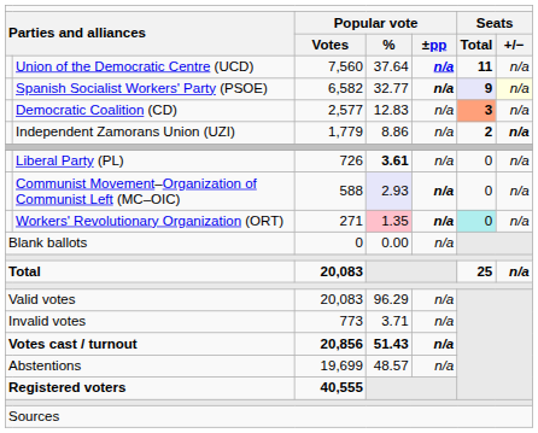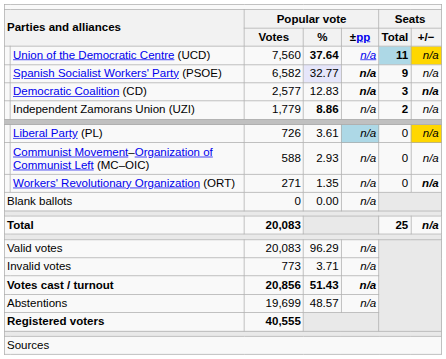 <table class="wikitable" style="text-align:right;">
 <tr>
 <td colspan="7"></td>
 </tr>
 <tr>
 <th style="text-align:left;" rowspan="2" colspan="2" width="525">Parties and alliances</th>
 <th colspan="3">Popular vote</th>
 <th colspan="2">Seats</th>
 </tr>
 <tr>
 <th width="75">Votes</th>
 <th width="45">%</th>
 <th width="45">±<a href='#'>pp</a></th>
 <th width="35">Total</th>
 <th width="35">+/−</th>
 </tr>
 <tr>
 <td width="1" style="color:inherit;background:"></td>
 <td align="left"><a href='#'>Union of the Democratic Centre</a> (UCD)</td>
 <td>7,560</td>
-<td>37.64</td>
-<td><strong><em><a href='#'>n/a</a></em></strong></td>
-<td><strong>11</strong></td>
-<td><em>n/a</em></td>
+<td><strong>37.64</strong></td>
+<td><em><a href='#'>n/a</a></em></td>
+<td style="background: lightblue;"><strong>11</strong></td>
+<td style="background: gold;"><em>n/a</em></td>
 </tr>
 <tr>
 <td style="color:inherit;background:"></td>
 <td align="left"><a href='#'>Spanish Socialist Workers' Party</a> (PSOE)</td>
 <td>6,582</td>
-<td>32.77</td>
+<td style="background: lavender;">32.77</td>
 <td><strong><em>n/a</em></strong></td>
-<td style="background: lavender;"><strong>9</strong></td>
-<td style="background: lightyellow;"><em>n/a</em></td>
+<td><strong>9</strong></td>
+<td><em>n/a</em></td>
 </tr>
 <tr>
 <td style="color:inherit;background:"></td>
 <td align="left"><a href='#'>Democratic Coalition</a> (CD)</td>
 <td>2,577</td>
 <td>12.83</td>
-<td><em>n/a</em></td>
-<td style="background: lightsalmon;"><strong>3</strong></td>
-<td><em>n/a</em></td>
+<td><strong><em>n/a</em></strong></td>
+<td><strong>3</strong></td>
+<td><strong><em>n/a</em></strong></td>
 </tr>
 <tr>
 <td style="color:inherit;background:"></td>
 <td align="left">Independent Zamorans Union (UZI)</td>
 <td>1,779</td>
-<td>8.86</td>
+<td><strong>8.86</strong></td>
 <td><em>n/a</em></td>
 <td><strong>2</strong></td>
-<td><strong><em>n/a</em></strong></td>
+<td><em>n/a</em></td>
 </tr>
 <tr>
 <td colspan="7" bgcolor="#C0C0C0"></td>
 </tr>
 <tr>
 <td style="color:inherit;background:"></td>
 <td align="left"><a href='#'>Liberal Party</a> (PL)</td>
 <td>726</td>
-<td><strong>3.61</strong></td>
-<td><em>n/a</em></td>
+<td>3.61</td>
+<td style="background: lightblue;"><em>n/a</em></td>
 <td>0</td>
-<td><em>n/a</em></td>
+<td style="background: gold;"><em>n/a</em></td>
 </tr>
 <tr>
 <td style="color:inherit;background:"></td>
 <td align="left"><a href='#'>Communist Movement</a>–<a href='#'>Organization of Communist Left</a> (MC–OIC)</td>
 <td>588</td>
-<td style="background: lavender;">2.93</td>
-<td><strong><em>n/a</em></strong></td>
+<td>2.93</td>
+<td><em>n/a</em></td>
 <td>0</td>
 <td><em>n/a</em></td>
 </tr>
 <tr>
 <td style="color:inherit;background:"></td>
 <td align="left"><a href='#'>Workers' Revolutionary Organization</a> (ORT)</td>
 <td>271</td>
-<td style="background: pink;">1.35</td>
+<td>1.35</td>
+<td><em>n/a</em></td>
+<td>0</td>
 <td><strong><em>n/a</em></strong></td>
-<td style="background: paleturquoise;">0</td>
-<td><em>n/a</em></td>
 </tr>
 <tr>
 <td align="left" colspan="2">Blank ballots</td>
 <td>0</td>
 <td>0.00</td>
 <td><em>n/a</em></td>
 <td bgcolor="#E9E9E9" colspan="2"></td>
 </tr>
 <tr>
 <td colspan="7" bgcolor="#E9E9E9"></td>
 </tr>
 <tr style="font-weight:bold;">
 <td align="left" colspan="2">Total</td>
 <td>20,083</td>
 <td bgcolor="#E9E9E9" colspan="2"></td>
 <td>25</td>
 <td><em>n/a</em></td>
 </tr>
 <tr>
 <td colspan="7" bgcolor="#E9E9E9"></td>
 </tr>
 <tr>
 <td align="left" colspan="2">Valid votes</td>
 <td>20,083</td>
 <td>96.29</td>
 <td><em>n/a</em></td>
 <td bgcolor="#E9E9E9" colspan="2" rowspan="5"></td>
 </tr>
 <tr>
 <td align="left" colspan="2">Invalid votes</td>
 <td>773</td>
 <td>3.71</td>
 <td><em>n/a</em></td>
 </tr>
 <tr style="font-weight:bold;">
 <td align="left" colspan="2">Votes cast / turnout</td>
 <td>20,856</td>
 <td>51.43</td>
 <td><em>n/a</em></td>
 </tr>
 <tr>
 <td align="left" colspan="2">Abstentions</td>
 <td>19,699</td>
 <td>48.57</td>
 <td><em>n/a</em></td>
 </tr>
 <tr style="font-weight:bold;">
 <td align="left" colspan="2">Registered voters</td>
 <td>40,555</td>
 <td bgcolor="#E9E9E9" colspan="2"></td>
 </tr>
 <tr>
 <td colspan="7" bgcolor="#E9E9E9"></td>
 </tr>
 <tr>
 <td align="left" colspan="7">Sources</td>
 </tr>
 </table>
